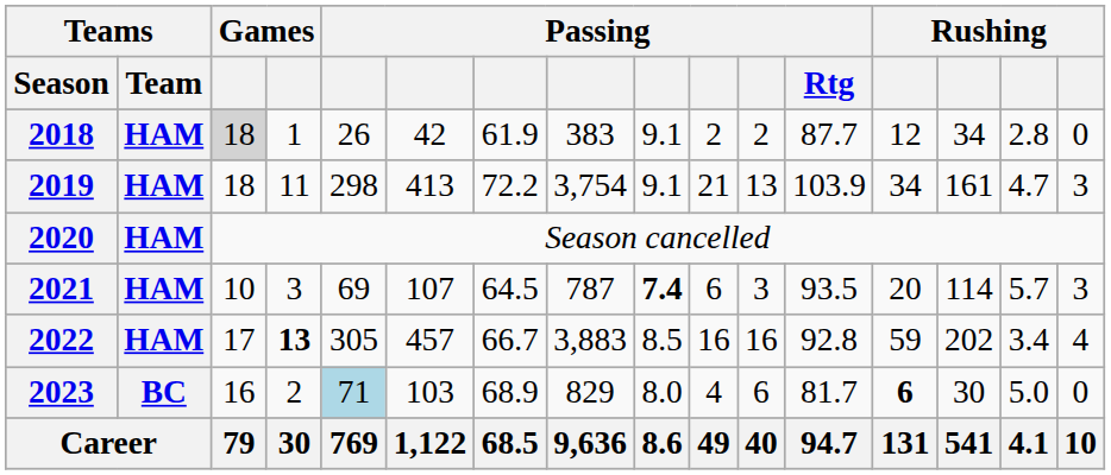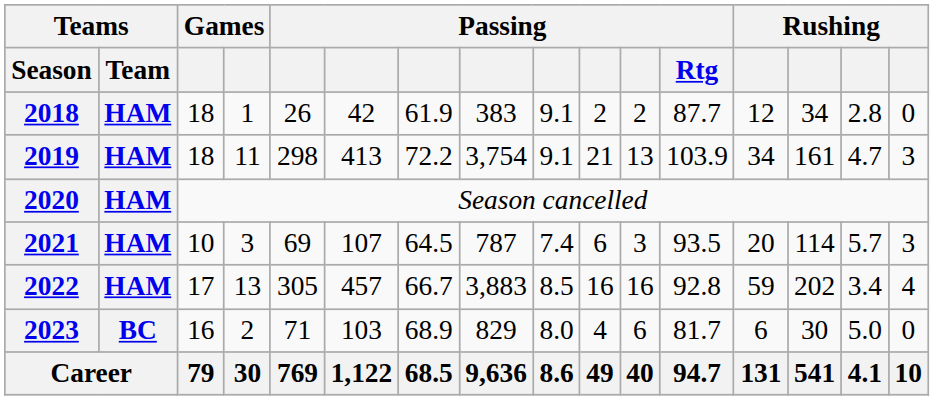 <table class="wikitable" style="text-align:center;">
 <tr style="font-weight:bold;">
 <th colspan="2">Teams</th>
 <th colspan="2">Games</th>
 <th colspan="8">Passing</th>
 <th colspan="4">Rushing</th>
 </tr>
 <tr style="font-weight:bold;">
 <th>Season</th>
 <th>Team</th>
 <th></th>
 <th></th>
 <th></th>
 <th></th>
 <th></th>
 <th></th>
 <th></th>
 <th></th>
 <th></th>
 <th><a href='#'><span>Rtg</span></a></th>
 <th></th>
 <th></th>
 <th></th>
 <th></th>
 </tr>
 <tr>
 <th><a href='#'>2018</a></th>
 <th><a href='#'>HAM</a></th>
-<td style="background: lightgrey;">18</td>
+<td>18</td>
 <td>1</td>
 <td>26</td>
 <td>42</td>
 <td>61.9</td>
 <td>383</td>
 <td>9.1</td>
 <td>2</td>
 <td>2</td>
 <td>87.7</td>
 <td>12</td>
 <td>34</td>
 <td>2.8</td>
 <td>0</td>
 </tr>
 <tr>
 <th><a href='#'>2019</a></th>
 <th><a href='#'>HAM</a></th>
 <td>18</td>
 <td>11</td>
 <td>298</td>
 <td>413</td>
 <td>72.2</td>
 <td>3,754</td>
 <td>9.1</td>
 <td>21</td>
 <td>13</td>
 <td>103.9</td>
 <td>34</td>
 <td>161</td>
 <td>4.7</td>
 <td>3</td>
 </tr>
 <tr ALIGN="center">
 <th><a href='#'>2020</a></th>
 <th><a href='#'>HAM</a></th>
 <td colspan="14"><em>Season cancelled</em></td>
 </tr>
 <tr>
 <th><a href='#'>2021</a></th>
 <th><a href='#'>HAM</a></th>
 <td>10</td>
 <td>3</td>
 <td>69</td>
 <td>107</td>
 <td>64.5</td>
 <td>787</td>
-<td><strong>7.4</strong></td>
+<td>7.4</td>
 <td>6</td>
 <td>3</td>
 <td>93.5</td>
 <td>20</td>
 <td>114</td>
 <td>5.7</td>
 <td>3</td>
 </tr>
 <tr>
 <th><a href='#'>2022</a></th>
 <th><a href='#'>HAM</a></th>
 <td>17</td>
-<td><strong>13</strong></td>
+<td>13</td>
 <td>305</td>
 <td>457</td>
 <td>66.7</td>
 <td>3,883</td>
 <td>8.5</td>
 <td>16</td>
 <td>16</td>
 <td>92.8</td>
 <td>59</td>
 <td>202</td>
 <td>3.4</td>
 <td>4</td>
 </tr>
 <tr>
 <th><a href='#'>2023</a></th>
 <th><a href='#'>BC</a></th>
 <td>16</td>
 <td>2</td>
-<td style="background: lightblue;">71</td>
+<td>71</td>
 <td>103</td>
 <td>68.9</td>
 <td>829</td>
 <td>8.0</td>
 <td>4</td>
 <td>6</td>
 <td>81.7</td>
-<td><strong>6</strong></td>
+<td>6</td>
 <td>30</td>
 <td>5.0</td>
 <td>0</td>
 </tr>
 <tr>
 <th colspan="2">Career</th>
 <th>79</th>
 <th>30</th>
 <th>769</th>
 <th>1,122</th>
 <th>68.5</th>
 <th>9,636</th>
 <th>8.6</th>
 <th>49</th>
 <th>40</th>
 <th>94.7</th>
 <th>131</th>
 <th>541</th>
 <th>4.1</th>
 <th>10</th>
 </tr>
 </table>
